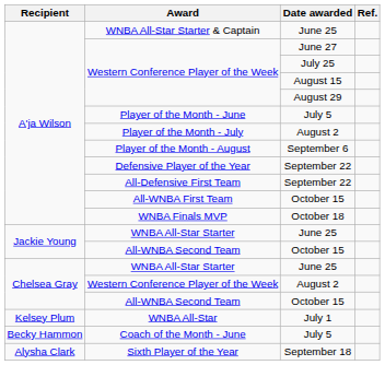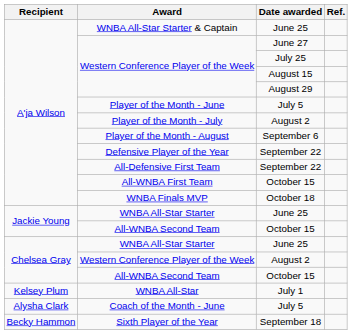 <table class="wikitable sortable sortable" style="text-align: center">
 <tr>
 <th>Recipient</th>
 <th>Award</th>
 <th>Date awarded</th>
 <th>Ref.</th>
 </tr>
 <tr>
 <td rowspan=12><a href='#'>A'ja Wilson</a></td>
 <td><a href='#'>WNBA All-Star Starter</a> & Captain</td>
 <td>June 25</td>
 <td></td>
 </tr>
 <tr>
 <td rowspan=4><a href='#'>Western Conference Player of the Week</a></td>
 <td>June 27</td>
 <td></td>
 </tr>
 <tr>
 <td>July 25</td>
 <td></td>
 </tr>
 <tr>
 <td>August 15</td>
 <td></td>
 </tr>
 <tr>
 <td>August 29</td>
 <td></td>
 </tr>
 <tr>
 <td><a href='#'>Player of the Month - June</a></td>
 <td>July 5</td>
 <td></td>
 </tr>
 <tr>
 <td><a href='#'>Player of the Month - July</a></td>
 <td>August 2</td>
 <td></td>
 </tr>
 <tr>
 <td><a href='#'>Player of the Month - August</a></td>
 <td>September 6</td>
 <td></td>
 </tr>
 <tr>
 <td><a href='#'>Defensive Player of the Year</a></td>
 <td>September 22</td>
 <td></td>
 </tr>
 <tr>
 <td><a href='#'>All-Defensive First Team</a></td>
 <td>September 22</td>
 <td></td>
 </tr>
 <tr>
 <td><a href='#'>All-WNBA First Team</a></td>
 <td>October 15</td>
 <td></td>
 </tr>
 <tr>
 <td><a href='#'>WNBA Finals MVP</a></td>
 <td>October 18</td>
 <td></td>
 </tr>
 <tr>
 <td rowspan=2><a href='#'>Jackie Young</a></td>
 <td><a href='#'>WNBA All-Star Starter</a></td>
 <td>June 25</td>
 <td></td>
 </tr>
 <tr>
 <td><a href='#'>All-WNBA Second Team</a></td>
 <td>October 15</td>
 <td></td>
 </tr>
 <tr>
 <td rowspan=3><a href='#'>Chelsea Gray</a></td>
 <td><a href='#'>WNBA All-Star Starter</a></td>
 <td>June 25</td>
 <td></td>
 </tr>
 <tr>
 <td><a href='#'>Western Conference Player of the Week</a></td>
 <td>August 2</td>
 <td></td>
 </tr>
 <tr>
 <td><a href='#'>All-WNBA Second Team</a></td>
 <td>October 15</td>
 <td></td>
 </tr>
 <tr>
 <td><a href='#'>Kelsey Plum</a></td>
 <td><a href='#'>WNBA All-Star</a></td>
 <td>July 1</td>
 <td></td>
 </tr>
 <tr>
-<td><a href='#'>Becky Hammon</a></td>
+<td><a href='#'>Alysha Clark</a></td>
 <td><a href='#'>Coach of the Month - June</a></td>
 <td>July 5</td>
 <td></td>
 </tr>
 <tr>
-<td><a href='#'>Alysha Clark</a></td>
+<td><a href='#'>Becky Hammon</a></td>
 <td><a href='#'>Sixth Player of the Year</a></td>
 <td>September 18</td>
 <td></td>
 </tr>
 </table>
